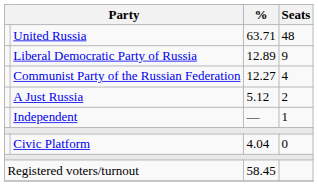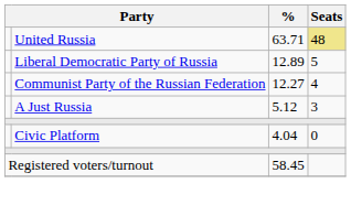 <table class="wikitable">
 <tr>
 <th colspan=2>Party</th>
 <th>%</th>
 <th>Seats</th>
 </tr>
 <tr>
 <td style="background:"></td>
 <td><a href='#'>United Russia</a></td>
 <td>63.71</td>
-<td>48</td>
+<td style="background: khaki;">48</td>
 </tr>
 <tr>
 <td style="background:"></td>
 <td><a href='#'>Liberal Democratic Party of Russia</a></td>
 <td>12.89</td>
-<td>9</td>
+<td>5</td>
 </tr>
 <tr>
 <td style="background:"></td>
 <td><a href='#'>Communist Party of the Russian Federation</a></td>
 <td>12.27</td>
 <td>4</td>
 </tr>
 <tr>
 <td style="background:"></td>
 <td><a href='#'>A Just Russia</a></td>
 <td>5.12</td>
-<td>2</td>
-</tr>
-<tr>
-<td style="background:"></td>
-<td><a href='#'>Independent</a></td>
-<td>—</td>
-<td>1</td>
+<td>3</td>
 </tr>
 <tr>
 <td colspan=4 style="background:#E9E9E9;"></td>
 </tr>
 <tr>
 <td style="background:"></td>
 <td><a href='#'>Civic Platform</a></td>
 <td>4.04</td>
 <td>0</td>
 </tr>
 <tr>
 <td colspan=4 style="background:#E9E9E9;"></td>
 </tr>
 <tr>
 <td align=left colspan=2>Registered voters/turnout</td>
 <td>58.45</td>
 <td></td>
 </tr>
 <tr>
 </tr>
 </table>
